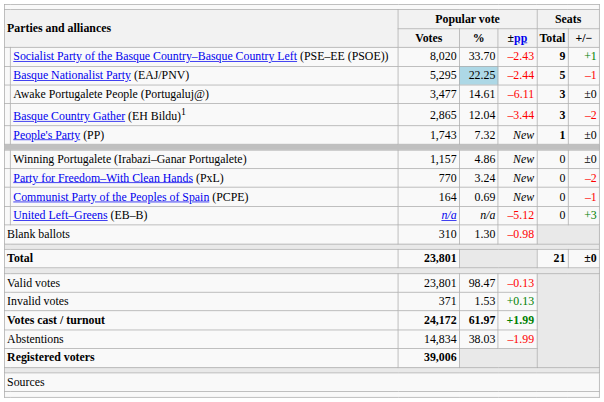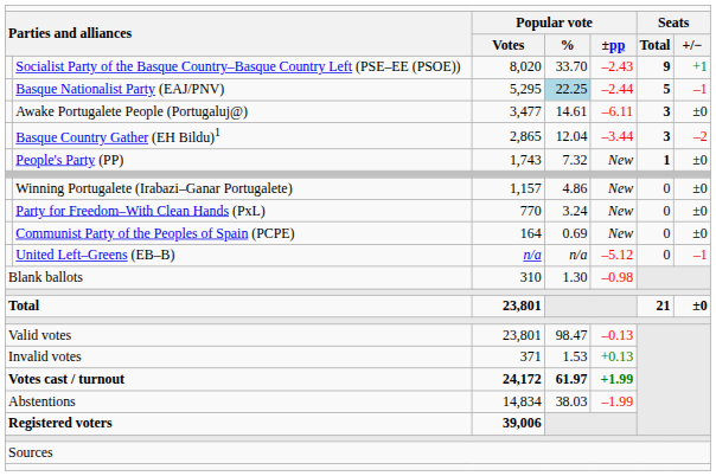 <table class="wikitable" style="text-align:right;">
 <tr>
 <td colspan="7"></td>
 </tr>
 <tr>
 <th style="text-align:left;" rowspan="2" colspan="2" width="525">Parties and alliances</th>
 <th colspan="3">Popular vote</th>
 <th colspan="2">Seats</th>
 </tr>
 <tr>
 <th width="75">Votes</th>
 <th width="45">%</th>
 <th width="45">±<a href='#'>pp</a></th>
 <th width="35">Total</th>
 <th width="35">+/−</th>
 </tr>
 <tr>
 <td width="1" style="color:inherit;background:"></td>
 <td align="left"><a href='#'>Socialist Party of the Basque Country–Basque Country Left</a> (PSE–EE (PSOE))</td>
 <td>8,020</td>
 <td>33.70</td>
 <td style="color:red;">–2.43</td>
 <td><strong>9</strong></td>
 <td style="color:green;">+1</td>
 </tr>
 <tr>
 <td style="color:inherit;background:"></td>
 <td align="left"><a href='#'>Basque Nationalist Party</a> (EAJ/PNV)</td>
 <td>5,295</td>
 <td style="background: lightblue;">22.25</td>
 <td style="color:red;">–2.44</td>
 <td><strong>5</strong></td>
 <td style="color:red;">–1</td>
 </tr>
 <tr>
 <td style="color:inherit;background:"></td>
 <td align="left">Awake Portugalete People (Portugaluj@)</td>
 <td>3,477</td>
 <td>14.61</td>
 <td style="color:red;">–6.11</td>
 <td><strong>3</strong></td>
 <td>±0</td>
 </tr>
 <tr>
 <td style="color:inherit;background:"></td>
 <td align="left"><a href='#'>Basque Country Gather</a> (EH Bildu)<sup>1</sup></td>
 <td>2,865</td>
 <td>12.04</td>
 <td style="color:red;">–3.44</td>
 <td><strong>3</strong></td>
 <td style="color:red;">–2</td>
 </tr>
 <tr>
 <td style="color:inherit;background:"></td>
 <td align="left"><a href='#'>People's Party</a> (PP)</td>
 <td>1,743</td>
 <td>7.32</td>
 <td><em>New</em></td>
 <td><strong>1</strong></td>
 <td>±0</td>
 </tr>
 <tr>
 <td colspan="7" bgcolor="#C0C0C0"></td>
 </tr>
 <tr>
 <td style="color:inherit;background:"></td>
 <td align="left">Winning Portugalete (Irabazi–Ganar Portugalete)</td>
 <td>1,157</td>
 <td>4.86</td>
 <td><em>New</em></td>
 <td>0</td>
 <td>±0</td>
 </tr>
 <tr>
 <td style="color:inherit;background:"></td>
 <td align="left"><a href='#'>Party for Freedom–With Clean Hands</a> (PxL)</td>
 <td>770</td>
 <td>3.24</td>
 <td><em>New</em></td>
 <td>0</td>
-<td style="color:red;">–2</td>
+<td>±0</td>
 </tr>
 <tr>
 <td style="color:inherit;background:"></td>
 <td align="left"><a href='#'>Communist Party of the Peoples of Spain</a> (PCPE)</td>
 <td>164</td>
 <td>0.69</td>
 <td><em>New</em></td>
 <td>0</td>
-<td style="color:red;">–1</td>
+<td>±0</td>
 </tr>
 <tr>
 <td style="color:inherit;background:"></td>
 <td align="left"><a href='#'>United Left–Greens</a> (EB–B)</td>
 <td><em><a href='#'>n/a</a></em></td>
 <td><em>n/a</em></td>
 <td style="color:red;">–5.12</td>
 <td>0</td>
-<td style="color:green;">+3</td>
+<td style="color:red;">–1</td>
 </tr>
 <tr>
 <td align="left" colspan="2">Blank ballots</td>
 <td>310</td>
 <td>1.30</td>
 <td style="color:red;">–0.98</td>
 <td bgcolor="#E9E9E9" colspan="2"></td>
 </tr>
 <tr>
 <td colspan="7" bgcolor="#E9E9E9"></td>
 </tr>
 <tr style="font-weight:bold;">
 <td align="left" colspan="2">Total</td>
 <td>23,801</td>
 <td bgcolor="#E9E9E9" colspan="2"></td>
 <td>21</td>
 <td>±0</td>
 </tr>
 <tr>
 <td colspan="7" bgcolor="#E9E9E9"></td>
 </tr>
 <tr>
 <td align="left" colspan="2">Valid votes</td>
 <td>23,801</td>
 <td>98.47</td>
 <td style="color:red;">–0.13</td>
 <td bgcolor="#E9E9E9" colspan="2" rowspan="5"></td>
 </tr>
 <tr>
 <td align="left" colspan="2">Invalid votes</td>
 <td>371</td>
 <td>1.53</td>
 <td style="color:green;">+0.13</td>
 </tr>
 <tr style="font-weight:bold;">
 <td align="left" colspan="2">Votes cast / turnout</td>
 <td>24,172</td>
 <td>61.97</td>
 <td style="color:green;">+1.99</td>
 </tr>
 <tr>
 <td align="left" colspan="2">Abstentions</td>
 <td>14,834</td>
 <td>38.03</td>
 <td style="color:red;">–1.99</td>
 </tr>
 <tr style="font-weight:bold;">
 <td align="left" colspan="2">Registered voters</td>
 <td>39,006</td>
 <td bgcolor="#E9E9E9" colspan="2"></td>
 </tr>
 <tr>
 <td colspan="7" bgcolor="#E9E9E9"></td>
 </tr>
 <tr>
 <td align="left" colspan="7">Sources</td>
 </tr>
 <tr>
 <td colspan="7" style="text-align:left; max-width:790px;"></td>
 </tr>
 </table>
